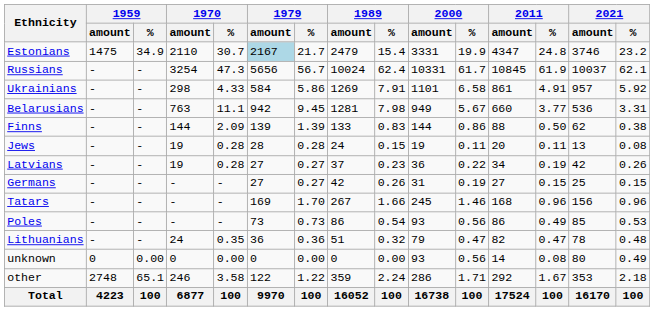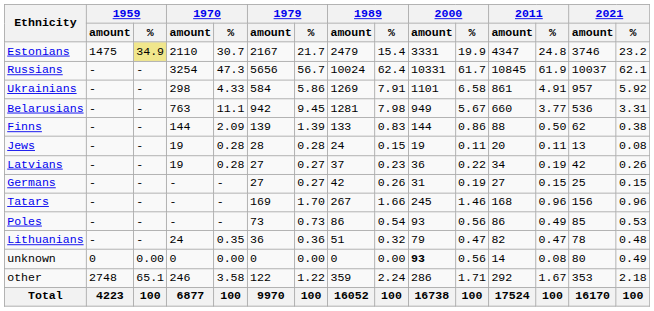 <table class="wikitable sortable">
 <tr>
 <th rowspan="2">Ethnicity</th>
 <th colspan="2"><a href='#'>1959</a></th>
 <th colspan="2"><a href='#'>1970</a></th>
 <th colspan="2"><a href='#'>1979</a></th>
 <th colspan="2"><a href='#'>1989</a></th>
 <th colspan="2"><a href='#'>2000</a></th>
 <th colspan="2"><a href='#'>2011</a></th>
 <th colspan="2"><a href='#'>2021</a></th>
 </tr>
 <tr>
 <th>amount</th>
 <th>%</th>
 <th>amount</th>
 <th>%</th>
 <th>amount</th>
 <th>%</th>
 <th>amount</th>
 <th>%</th>
 <th>amount</th>
 <th>%</th>
 <th>amount</th>
 <th>%</th>
 <th>amount</th>
 <th>%</th>
 </tr>
 <tr>
 <td><a href='#'>Estonians</a></td>
 <td>1475</td>
-<td>34.9</td>
+<td style="background: khaki;">34.9</td>
 <td>2110</td>
 <td>30.7</td>
-<td style="background: lightblue;">2167</td>
+<td>2167</td>
 <td>21.7</td>
 <td>2479</td>
 <td>15.4</td>
 <td>3331</td>
 <td>19.9</td>
 <td>4347</td>
 <td>24.8</td>
 <td>3746</td>
 <td>23.2</td>
 </tr>
 <tr>
 <td><a href='#'>Russians</a></td>
 <td>-</td>
 <td>-</td>
 <td>3254</td>
 <td>47.3</td>
 <td>5656</td>
 <td>56.7</td>
 <td>10024</td>
 <td>62.4</td>
 <td>10331</td>
 <td>61.7</td>
 <td>10845</td>
 <td>61.9</td>
 <td>10037</td>
 <td>62.1</td>
 </tr>
 <tr>
 <td><a href='#'>Ukrainians</a></td>
 <td>-</td>
 <td>-</td>
 <td>298</td>
 <td>4.33</td>
 <td>584</td>
 <td>5.86</td>
 <td>1269</td>
 <td>7.91</td>
 <td>1101</td>
 <td>6.58</td>
 <td>861</td>
 <td>4.91</td>
 <td>957</td>
 <td>5.92</td>
 </tr>
 <tr>
 <td><a href='#'>Belarusians</a></td>
 <td>-</td>
 <td>-</td>
 <td>763</td>
 <td>11.1</td>
 <td>942</td>
 <td>9.45</td>
 <td>1281</td>
 <td>7.98</td>
 <td>949</td>
 <td>5.67</td>
 <td>660</td>
 <td>3.77</td>
 <td>536</td>
 <td>3.31</td>
 </tr>
 <tr>
 <td><a href='#'>Finns</a></td>
 <td>-</td>
 <td>-</td>
 <td>144</td>
 <td>2.09</td>
 <td>139</td>
 <td>1.39</td>
 <td>133</td>
 <td>0.83</td>
 <td>144</td>
 <td>0.86</td>
 <td>88</td>
 <td>0.50</td>
 <td>62</td>
 <td>0.38</td>
 </tr>
 <tr>
 <td><a href='#'>Jews</a></td>
 <td>-</td>
 <td>-</td>
 <td>19</td>
 <td>0.28</td>
 <td>28</td>
 <td>0.28</td>
 <td>24</td>
 <td>0.15</td>
 <td>19</td>
 <td>0.11</td>
 <td>20</td>
 <td>0.11</td>
 <td>13</td>
 <td>0.08</td>
 </tr>
 <tr>
 <td><a href='#'>Latvians</a></td>
 <td>-</td>
 <td>-</td>
 <td>19</td>
 <td>0.28</td>
 <td>27</td>
 <td>0.27</td>
 <td>37</td>
 <td>0.23</td>
 <td>36</td>
 <td>0.22</td>
 <td>34</td>
 <td>0.19</td>
 <td>42</td>
 <td>0.26</td>
 </tr>
 <tr>
 <td><a href='#'>Germans</a></td>
 <td>-</td>
 <td>-</td>
 <td>-</td>
 <td>-</td>
 <td>27</td>
 <td>0.27</td>
 <td>42</td>
 <td>0.26</td>
 <td>31</td>
 <td>0.19</td>
 <td>27</td>
 <td>0.15</td>
 <td>25</td>
 <td>0.15</td>
 </tr>
 <tr>
 <td><a href='#'>Tatars</a></td>
 <td>-</td>
 <td>-</td>
 <td>-</td>
 <td>-</td>
 <td>169</td>
 <td>1.70</td>
 <td>267</td>
 <td>1.66</td>
 <td>245</td>
 <td>1.46</td>
 <td>168</td>
 <td>0.96</td>
 <td>156</td>
 <td>0.96</td>
 </tr>
 <tr>
 <td><a href='#'>Poles</a></td>
 <td>-</td>
 <td>-</td>
 <td>-</td>
 <td>-</td>
 <td>73</td>
 <td>0.73</td>
 <td>86</td>
 <td>0.54</td>
 <td>93</td>
 <td>0.56</td>
 <td>86</td>
 <td>0.49</td>
 <td>85</td>
 <td>0.53</td>
 </tr>
 <tr>
 <td><a href='#'>Lithuanians</a></td>
 <td>-</td>
 <td>-</td>
 <td>24</td>
 <td>0.35</td>
 <td>36</td>
 <td>0.36</td>
 <td>51</td>
 <td>0.32</td>
 <td>79</td>
 <td>0.47</td>
 <td>82</td>
 <td>0.47</td>
 <td>78</td>
 <td>0.48</td>
 </tr>
 <tr>
 <td>unknown</td>
 <td>0</td>
 <td>0.00</td>
 <td>0</td>
 <td>0.00</td>
 <td>0</td>
 <td>0.00</td>
 <td>0</td>
 <td>0.00</td>
-<td>93</td>
+<td><strong>93</strong></td>
 <td>0.56</td>
 <td>14</td>
 <td>0.08</td>
 <td>80</td>
 <td>0.49</td>
 </tr>
 <tr>
 <td>other</td>
 <td>2748</td>
 <td>65.1</td>
 <td>246</td>
 <td>3.58</td>
 <td>122</td>
 <td>1.22</td>
 <td>359</td>
 <td>2.24</td>
 <td>286</td>
 <td>1.71</td>
 <td>292</td>
 <td>1.67</td>
 <td>353</td>
 <td>2.18</td>
 </tr>
 <tr>
 <th>Total</th>
 <th>4223</th>
 <th>100</th>
 <th>6877</th>
 <th>100</th>
 <th>9970</th>
 <th>100</th>
 <th>16052</th>
 <th>100</th>
 <th>16738</th>
 <th>100</th>
 <th>17524</th>
 <th>100</th>
 <th>16170</th>
 <th>100</th>
 </tr>
 </table>
